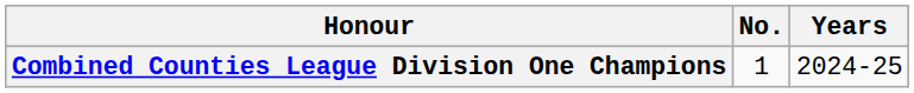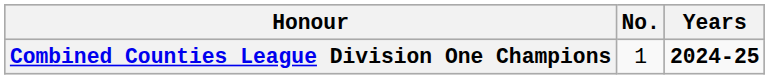 <table class="wikitable plainrowheaders">
 <tr>
 <th scope=col>Honour</th>
 <th scope=col>No.</th>
 <th scope=col>Years</th>
 </tr>
 <tr>
 <th scope=row><a href='#'>Combined Counties League</a> Division One Champions</th>
 <td align="center">1</td>
-<td>2024-25</td>
+<td><strong>2024-25</strong></td>
 </tr>
 </table>
